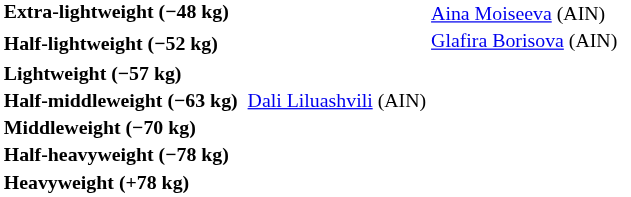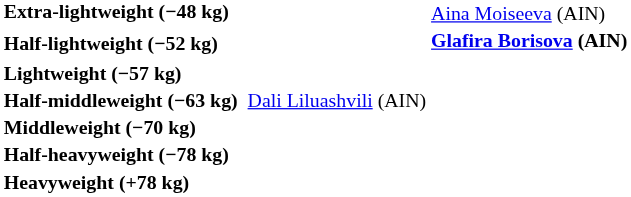 <table>
 <tr>
 <th rowspan=2 style="text-align:left;">Extra-lightweight (−48 kg)</th>
 <td rowspan=2></td>
 <td rowspan=2></td>
 <td></td>
 </tr>
 <tr>
 <td> <a href='#'>Aina Moiseeva</a> <span>(<abbr>AIN</abbr>)</span></td>
 </tr>
 <tr>
 <th rowspan=2 style="text-align:left;">Half-lightweight (−52 kg)</th>
 <td rowspan=2></td>
 <td rowspan=2></td>
-<td> <a href='#'>Glafira Borisova</a> <span>(<abbr>AIN</abbr>)</span></td>
+<td><strong> <a href='#'>Glafira Borisova</a> <span>(<abbr>AIN</abbr>)</span></strong></td>
 </tr>
 <tr>
 <td></td>
 </tr>
 <tr>
 <th rowspan=2 style="text-align:left;">Lightweight (−57 kg)</th>
 <td rowspan=2></td>
 <td rowspan=2></td>
 <td></td>
 </tr>
 <tr>
 <td></td>
 </tr>
 <tr>
 <th rowspan=2 style="text-align:left;">Half-middleweight (−63 kg)</th>
 <td rowspan=2></td>
 <td rowspan=2> <a href='#'>Dali Liluashvili</a> <span>(<abbr>AIN</abbr>)</span></td>
 <td></td>
 </tr>
 <tr>
 <td></td>
 </tr>
 <tr>
 <th rowspan=2 style="text-align:left;">Middleweight (−70 kg)</th>
 <td rowspan=2></td>
 <td rowspan=2></td>
 <td></td>
 </tr>
 <tr>
 <td></td>
 </tr>
 <tr>
 <th rowspan=2 style="text-align:left;">Half-heavyweight (−78 kg)</th>
 <td rowspan=2></td>
 <td rowspan=2></td>
 <td></td>
 </tr>
 <tr>
 <td></td>
 </tr>
 <tr>
 <th rowspan=2 style="text-align:left;">Heavyweight (+78 kg)</th>
 <td rowspan=2></td>
 <td rowspan=2></td>
 <td></td>
 </tr>
 <tr>
 <td></td>
 </tr>
 </table>
